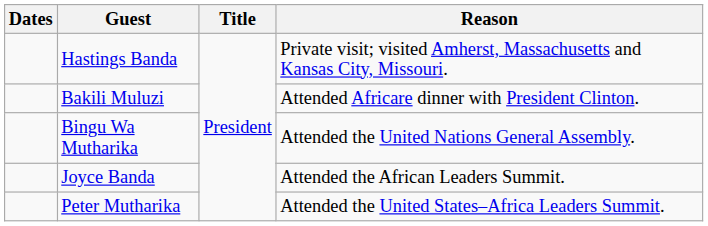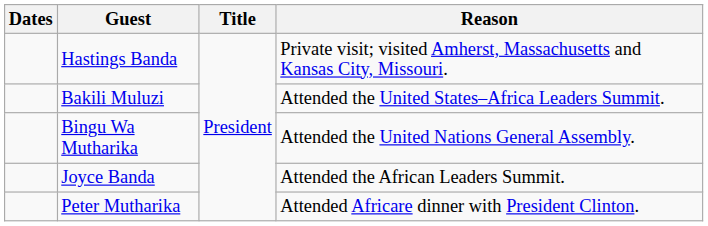 <table class="wikitable sortable">
 <tr>
 <th>Dates</th>
 <th>Guest</th>
 <th>Title</th>
 <th>Reason</th>
 </tr>
 <tr>
 <td></td>
 <td><a href='#'>Hastings Banda</a></td>
 <td rowspan=5><a href='#'>President</a></td>
 <td>Private visit; visited <a href='#'>Amherst, Massachusetts</a> and <a href='#'>Kansas City, Missouri</a>.</td>
 </tr>
 <tr>
 <td></td>
 <td><a href='#'>Bakili Muluzi</a></td>
-<td>Attended <a href='#'>Africare</a> dinner with <a href='#'>President Clinton</a>.</td>
+<td>Attended the <a href='#'>United States–Africa Leaders Summit</a>.</td>
 </tr>
 <tr>
 <td></td>
 <td><a href='#'>Bingu Wa Mutharika</a></td>
 <td>Attended the <a href='#'>United Nations General Assembly</a>.</td>
 </tr>
 <tr>
 <td></td>
 <td><a href='#'>Joyce Banda</a></td>
 <td>Attended the African Leaders Summit.</td>
 </tr>
 <tr>
 <td></td>
 <td><a href='#'>Peter Mutharika</a></td>
-<td>Attended the <a href='#'>United States–Africa Leaders Summit</a>.</td>
+<td>Attended <a href='#'>Africare</a> dinner with <a href='#'>President Clinton</a>.</td>
 </tr>
 </table>
